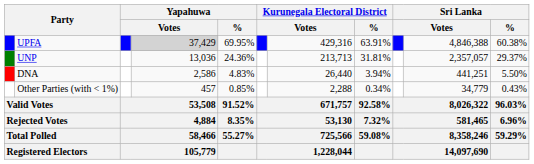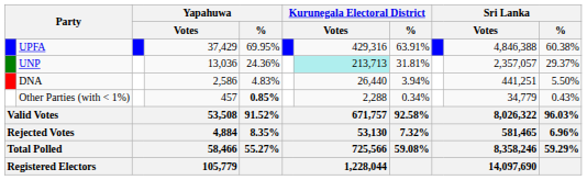 <table class="wikitable">
 <tr>
 <th colspan="2" width="144px"rowspan="2">Party</th>
 <th colspan="3" width="216px">Yapahuwa</th>
 <th colspan="3" width="216px"><a href='#'>Kurunegala Electoral District</a></th>
 <th colspan="3" width="216px">Sri Lanka</th>
 </tr>
 <tr>
 <th colspan="2" width="144px">Votes</th>
 <th>%</th>
 <th colspan="2" width="144px">Votes</th>
 <th>%</th>
 <th colspan="2" width="144px">Votes</th>
 <th>%</th>
 </tr>
 <tr>
 <td style="background-color:blue;" width="10px"></td>
 <td style="text-align:left;"><a href='#'>UPFA</a></td>
 <td style="background-color:blue;" width="10px"></td>
-<td style="background: lightgrey; text-align:right;">37,429</td>
+<td style="text-align:right;">37,429</td>
 <td style="text-align:right;">69.95%</td>
 <td style="background-color:blue;" width="10px"></td>
 <td style="text-align:right;">429,316</td>
 <td style="text-align:right;">63.91%</td>
 <td style="background-color:blue;" width="10px"></td>
 <td style="text-align:right;">4,846,388</td>
 <td style="text-align:right;">60.38%</td>
 </tr>
 <tr>
 <td style="background-color:green;" width="10px"></td>
 <td style="text-align:left;"><a href='#'>UNP</a></td>
 <td style="background-color:white;" width="10px"></td>
 <td style="text-align:right;">13,036</td>
 <td style="text-align:right;">24.36%</td>
 <td style="background-color:white;" width="10px"></td>
-<td style="text-align:right;">213,713</td>
+<td style="background: paleturquoise; text-align:right;">213,713</td>
 <td style="text-align:right;">31.81%</td>
 <td style="background-color:white;" width="10px"></td>
 <td style="text-align:right;">2,357,057</td>
 <td style="text-align:right;">29.37%</td>
 </tr>
 <tr>
 <td style="background-color:red;" width="10px"></td>
 <td style="text-align:left;">DNA</td>
 <td style="background-color:white;" width="10px"></td>
 <td style="text-align:right;">2,586</td>
 <td style="text-align:right;">4.83%</td>
 <td style="background-color:white;" width="10px"></td>
 <td style="text-align:right;">26,440</td>
 <td style="text-align:right;">3.94%</td>
 <td style="background-color:white;" width="10px"></td>
 <td style="text-align:right;">441,251</td>
 <td style="text-align:right;">5.50%</td>
 </tr>
 <tr>
 <td style="background-color:white;" width="10px"></td>
 <td style="text-align:left;">Other Parties (with < 1%)</td>
 <td style="background-color:white;" width="10px"></td>
 <td style="text-align:right;">457</td>
-<td style="text-align:right;">0.85%</td>
+<td style="text-align:right;"><strong>0.85%</strong></td>
 <td style="background-color:white;" width="10px"></td>
 <td style="text-align:right;">2,288</td>
 <td style="text-align:right;">0.34%</td>
 <td style="background-color:white;" width="10px"></td>
 <td style="text-align:right;">34,779</td>
 <td style="text-align:right;">0.43%</td>
 </tr>
 <tr>
 <th colspan="2" width="144px"style="text-align:left;">Valid Votes</th>
 <th style="text-align:right;"colspan="2" width="144px">53,508</th>
 <th style="text-align:right;">91.52%</th>
 <th style="text-align:right;"colspan="2" width="144px">671,757</th>
 <th style="text-align:right;">92.58%</th>
 <th style="text-align:right;"colspan="2" width="144px">8,026,322</th>
 <th style="text-align:right;">96.03%</th>
 </tr>
 <tr>
 <th colspan="2" width="144px"style="text-align:left;">Rejected Votes</th>
 <th style="text-align:right;"colspan="2" width="144px">4,884</th>
 <th style="text-align:right;">8.35%</th>
 <th style="text-align:right;"colspan="2" width="144px">53,130</th>
 <th style="text-align:right;">7.32%</th>
 <th style="text-align:right;"colspan="2" width="144px">581,465</th>
 <th style="text-align:right;">6.96%</th>
 </tr>
 <tr>
 <th colspan="2" width="144px"style="text-align:left;">Total Polled</th>
 <th style="text-align:right;"colspan="2" width="144px">58,466</th>
 <th style="text-align:right;">55.27%</th>
 <th style="text-align:right;"colspan="2" width="144px">725,566</th>
 <th style="text-align:right;">59.08%</th>
 <th style="text-align:right;"colspan="2" width="144px">8,358,246</th>
 <th style="text-align:right;">59.29%</th>
 </tr>
 <tr>
 <th colspan="2" width="144px"style="text-align:left;">Registered Electors</th>
 <th style="text-align:right;"colspan="2" width="144px">105,779</th>
 <th></th>
 <th style="text-align:right;"colspan="2" width="144px">1,228,044</th>
 <th></th>
 <th style="text-align:right;"colspan="2" width="144px">14,097,690</th>
 <th></th>
 </tr>
 </table>
